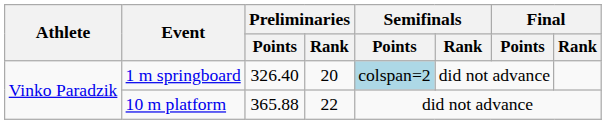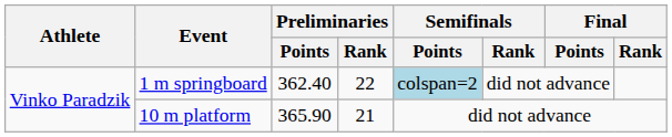 <table class=wikitable style="font-size:90%;">
 <tr>
 <th rowspan="2">Athlete</th>
 <th rowspan="2">Event</th>
 <th colspan="2">Preliminaries</th>
 <th colspan="2">Semifinals</th>
 <th colspan="2">Final</th>
 </tr>
 <tr style="font-size:95%">
 <th>Points</th>
 <th>Rank</th>
 <th>Points</th>
 <th>Rank</th>
 <th>Points</th>
 <th>Rank</th>
 </tr>
 <tr align=center>
 <td align=left rowspan=3><a href='#'>Vinko Paradzik</a></td>
 <td align=left><a href='#'>1 m springboard</a></td>
-<td>326.40</td>
-<td>20</td>
+<td>362.40</td>
+<td>22</td>
 <td style="background: lightblue;">colspan=2 </td>
 <td colspan=2>did not advance</td>
 </tr>
 <tr align=center>
 <td align=left><a href='#'>10 m platform</a></td>
-<td>365.88</td>
-<td>22</td>
+<td>365.90</td>
+<td>21</td>
 <td colspan=4>did not advance</td>
 </tr>
 </table>
